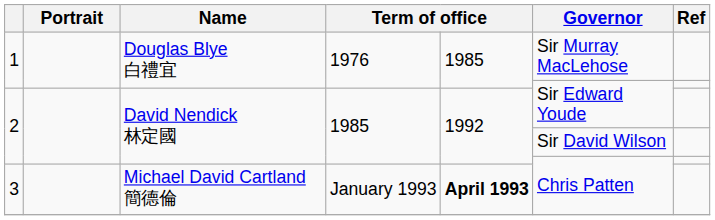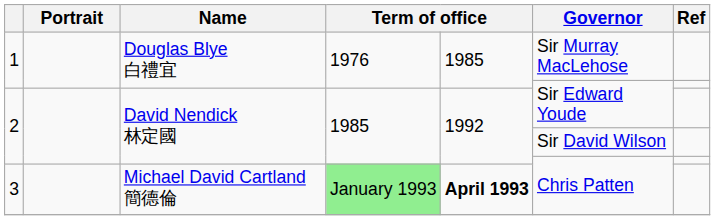 <table class="wikitable"  style="text-align:left">
 <tr>
 <th width=10px></th>
 <th width=80px>Portrait</th>
 <th width=180px>Name</th>
 <th width=180px colspan=2>Term of office</th>
 <th width=120px><a href='#'>Governor</a></th>
 <th>Ref</th>
 </tr>
 <tr>
 <td rowspan="2" align="center">1</td>
 <td rowspan="2"></td>
 <td rowspan="2"><a href='#'>Douglas Blye</a><br>白禮宜</td>
 <td rowspan="2">1976</td>
 <td rowspan="2">1985</td>
 <td>Sir <a href='#'>Murray MacLehose</a><br></td>
 <td></td>
 </tr>
 <tr>
 <td rowspan="2">Sir <a href='#'>Edward Youde</a><br></td>
 <td></td>
 </tr>
 <tr>
 <td rowspan="3" align="center">2</td>
 <td rowspan="3"></td>
 <td rowspan="3"><a href='#'>David Nendick</a><br>林定國</td>
 <td rowspan="3">1985</td>
 <td rowspan="3">1992</td>
 <td></td>
 </tr>
 <tr>
 <td>Sir <a href='#'>David Wilson</a><br></td>
 <td></td>
 </tr>
 <tr>
 <td rowspan="2"><a href='#'>Chris Patten</a><br></td>
 <td></td>
 </tr>
 <tr>
 <td align="center">3</td>
 <td></td>
 <td><a href='#'>Michael David Cartland</a><br>簡德倫</td>
-<td>January 1993</td>
+<td style="background: lightgreen;">January 1993</td>
 <td><strong>April 1993</strong></td>
 <td></td>
 </tr>
 <tr>
 </tr>
 </table>
